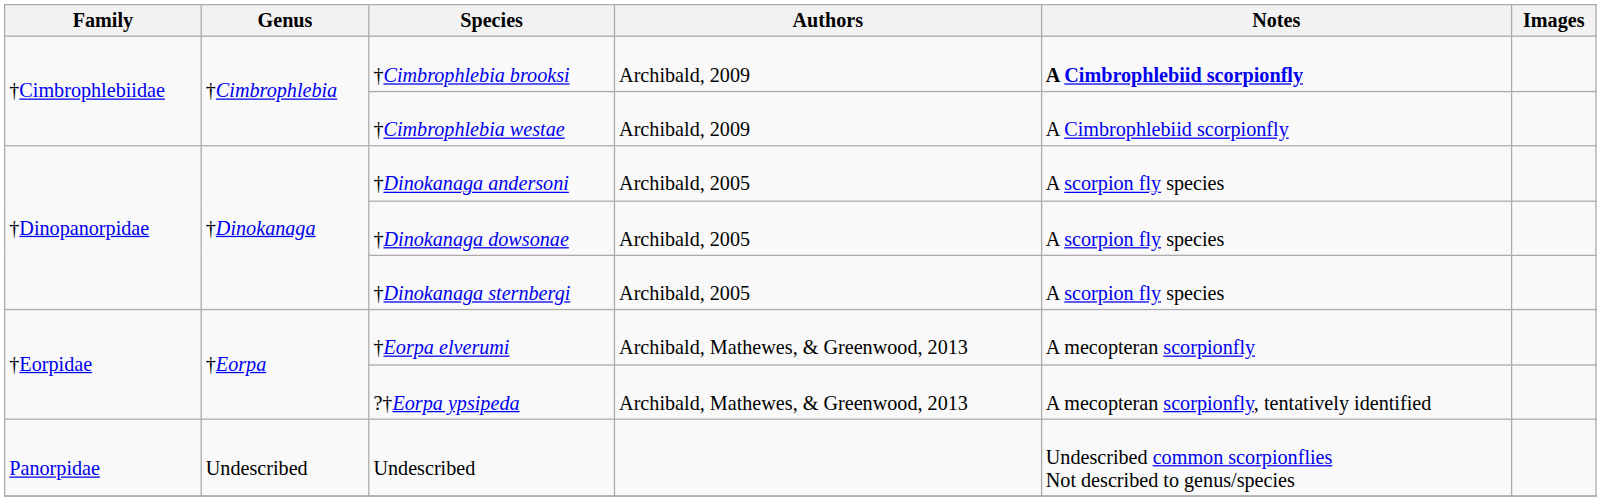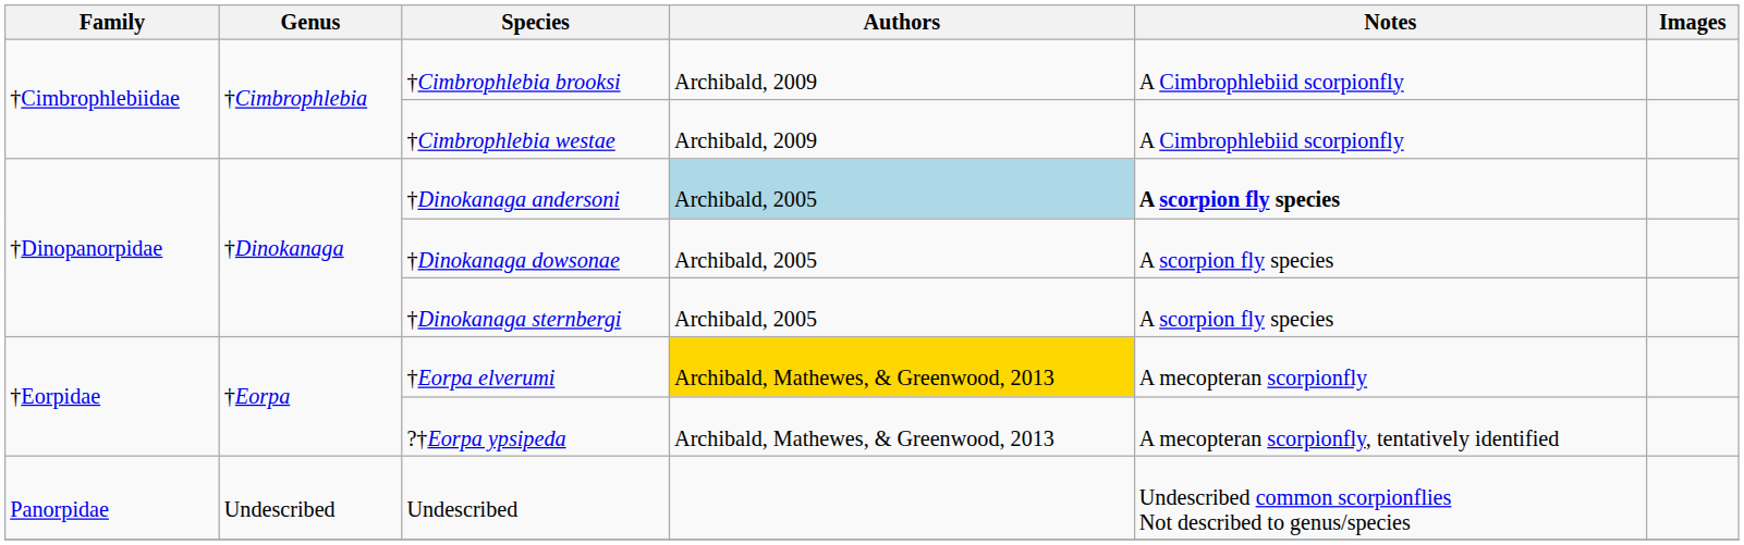 <table class="wikitable sortable"  style="margin:auto; width:100%;">
 <tr>
 <th>Family</th>
 <th>Genus</th>
 <th>Species</th>
 <th>Authors</th>
 <th>Notes</th>
 <th>Images</th>
 </tr>
 <tr>
 <td rowspan=2>†<a href='#'>Cimbrophlebiidae</a></td>
 <td rowspan=2>†<em><a href='#'>Cimbrophlebia</a></em></td>
 <td><br>†<em><a href='#'>Cimbrophlebia brooksi</a></em></td>
 <td><br>Archibald, 2009</td>
-<td><strong><br>A <a href='#'>Cimbrophlebiid scorpionfly</a></strong></td>
+<td><br>A <a href='#'>Cimbrophlebiid scorpionfly</a></td>
 <td><br></td>
 </tr>
 <tr>
 <td><br>†<em><a href='#'>Cimbrophlebia westae</a></em></td>
 <td><br>Archibald, 2009</td>
 <td><br>A <a href='#'>Cimbrophlebiid scorpionfly</a></td>
 <td><br></td>
 </tr>
 <tr>
 <td rowspan=3>†<a href='#'>Dinopanorpidae</a></td>
 <td rowspan=3>†<em><a href='#'>Dinokanaga</a></em></td>
 <td><br>†<em><a href='#'>Dinokanaga andersoni</a></em></td>
-<td><br>Archibald, 2005</td>
-<td><br>A <a href='#'>scorpion fly</a> species</td>
+<td style="background: lightblue;"><br>Archibald, 2005</td>
+<td><strong><br>A <a href='#'>scorpion fly</a> species</strong></td>
 <td><br></td>
 </tr>
 <tr>
 <td><br>†<em><a href='#'>Dinokanaga dowsonae</a></em></td>
 <td><br>Archibald, 2005</td>
 <td><br>A <a href='#'>scorpion fly</a> species</td>
 <td><br></td>
 </tr>
 <tr>
 <td><br>†<em><a href='#'>Dinokanaga sternbergi</a></em></td>
 <td><br>Archibald, 2005</td>
 <td><br>A <a href='#'>scorpion fly</a> species</td>
 <td></td>
 </tr>
 <tr>
 <td rowspan=2>†<a href='#'>Eorpidae</a></td>
 <td rowspan=2>†<em><a href='#'>Eorpa</a></em></td>
 <td><br>†<em><a href='#'>Eorpa elverumi</a></em></td>
-<td><br>Archibald, Mathewes, & Greenwood, 2013</td>
+<td style="background: gold;"><br>Archibald, Mathewes, & Greenwood, 2013</td>
 <td><br>A mecopteran <a href='#'>scorpionfly</a></td>
 <td><br></td>
 </tr>
 <tr>
 <td><br>?†<em><a href='#'>Eorpa ypsipeda</a></em></td>
 <td><br>Archibald, Mathewes, & Greenwood, 2013</td>
 <td><br>A mecopteran <a href='#'>scorpionfly</a>, tentatively identified</td>
 <td><br></td>
 </tr>
 <tr>
 <td><br><a href='#'>Panorpidae</a></td>
 <td><br>Undescribed</td>
 <td><br>Undescribed</td>
 <td></td>
 <td><br>Undescribed <a href='#'>common scorpionflies</a><br>Not described to genus/species</td>
 <td></td>
 </tr>
 <tr>
 </tr>
 </table>
